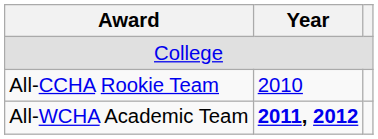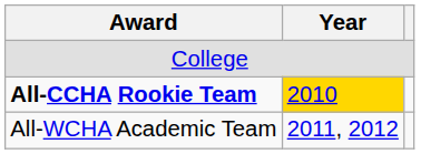 <table class="wikitable">
 <tr>
 <th>Award</th>
 <th>Year</th>
 <th></th>
 </tr>
 <tr ALIGN="center" bgcolor="#e0e0e0">
 <td colspan="3"><a href='#'>College</a></td>
 </tr>
 <tr>
-<td>All-<a href='#'>CCHA</a> <a href='#'>Rookie Team</a></td>
-<td><a href='#'>2010</a></td>
+<td><strong>All-<a href='#'>CCHA</a> <a href='#'>Rookie Team</a></strong></td>
+<td style="background: gold;"><a href='#'>2010</a></td>
 <td></td>
 </tr>
 <tr>
 <td>All-<a href='#'>WCHA</a> Academic Team</td>
-<td><strong><a href='#'>2011</a>, <a href='#'>2012</a></strong></td>
+<td><a href='#'>2011</a>, <a href='#'>2012</a></td>
 <td></td>
 </tr>
 </table>
